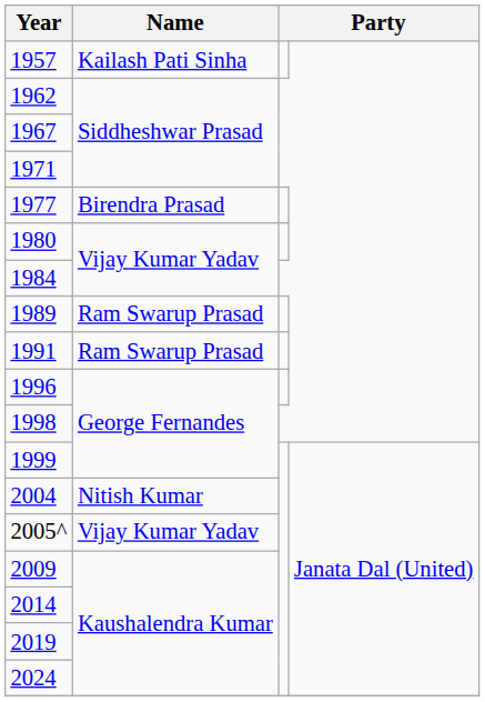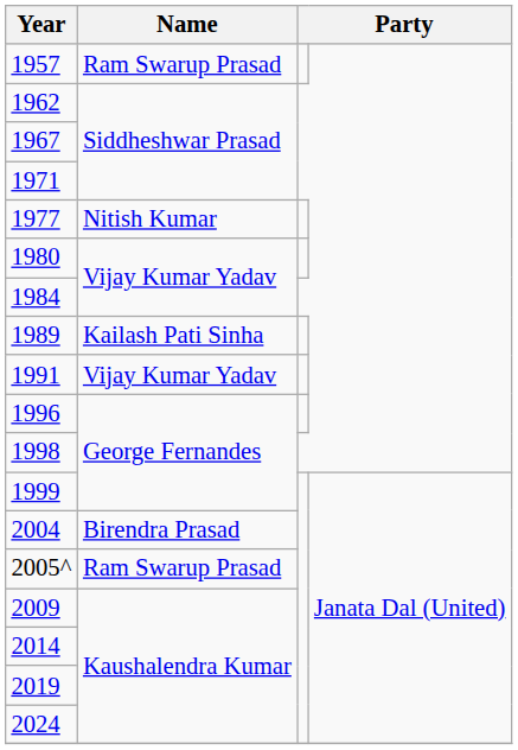 <table class="wikitable">
 <tr>
 <th>Year</th>
 <th>Name</th>
 <th colspan="2">Party</th>
 </tr>
 <tr>
 <td><a href='#'>1957</a></td>
-<td><a href='#'>Kailash Pati Sinha</a></td>
+<td><a href='#'>Ram Swarup Prasad</a></td>
 <td></td>
 </tr>
 <tr>
 <td><a href='#'>1962</a></td>
 <td rowspan="3"><a href='#'>Siddheshwar Prasad</a></td>
 </tr>
 <tr>
 <td><a href='#'>1967</a></td>
 </tr>
 <tr>
 <td><a href='#'>1971</a></td>
 </tr>
 <tr>
 <td><a href='#'>1977</a></td>
-<td><a href='#'>Birendra Prasad</a></td>
+<td><a href='#'>Nitish Kumar</a></td>
 <td></td>
 </tr>
 <tr>
 <td><a href='#'>1980</a></td>
 <td rowspan="2"><a href='#'>Vijay Kumar Yadav</a></td>
 <td></td>
 </tr>
 <tr>
 <td><a href='#'>1984</a></td>
 </tr>
 <tr>
 <td><a href='#'>1989</a></td>
-<td><a href='#'>Ram Swarup Prasad</a></td>
+<td><a href='#'>Kailash Pati Sinha</a></td>
 <td></td>
 </tr>
 <tr>
 <td><a href='#'>1991</a></td>
-<td><a href='#'>Ram Swarup Prasad</a></td>
+<td><a href='#'>Vijay Kumar Yadav</a></td>
 <td></td>
 </tr>
 <tr>
 <td><a href='#'>1996</a></td>
 <td rowspan="3"><a href='#'>George Fernandes</a></td>
 <td></td>
 </tr>
 <tr>
 <td><a href='#'>1998</a></td>
 </tr>
 <tr>
 <td><a href='#'>1999</a></td>
 <td ROWSPAN="7" style="background-color: "></td>
 <td ROWSPAN="7"><a href='#'>Janata Dal (United)</a></td>
 </tr>
 <tr>
 <td><a href='#'>2004</a></td>
-<td><a href='#'>Nitish Kumar</a></td>
+<td><a href='#'>Birendra Prasad</a></td>
 </tr>
 <tr>
 <td>2005^</td>
-<td><a href='#'>Vijay Kumar Yadav</a></td>
+<td><a href='#'>Ram Swarup Prasad</a></td>
 </tr>
 <tr>
 <td><a href='#'>2009</a></td>
 <td rowspan="4"><a href='#'>Kaushalendra Kumar</a></td>
 </tr>
 <tr>
 <td><a href='#'>2014</a></td>
 </tr>
 <tr>
 <td><a href='#'>2019</a></td>
 </tr>
 <tr>
 <td><a href='#'>2024</a></td>
 </tr>
 <tr>
 </tr>
 </table>
